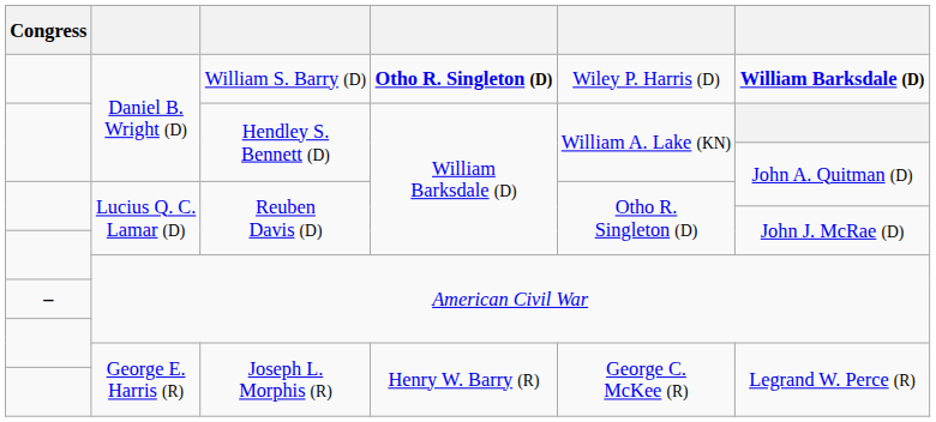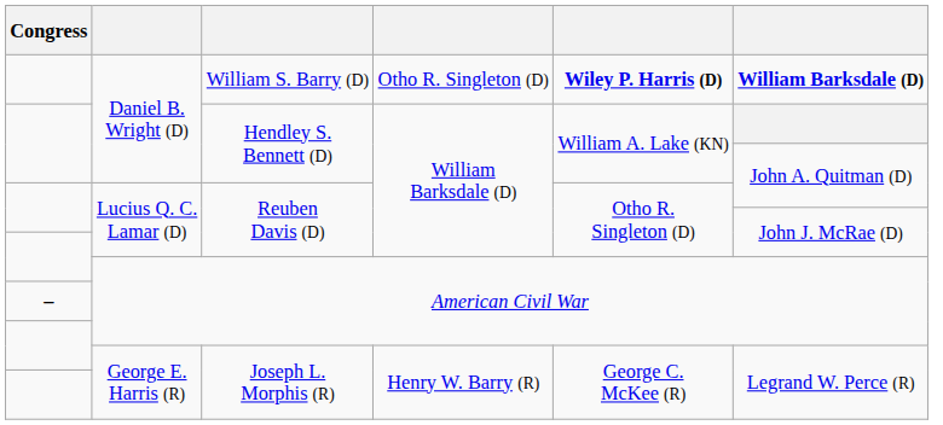 <table class=wikitable style=text-align:center>
 <tr style="height:2.5em">
 <th>Congress</th>
 <th></th>
 <th></th>
 <th></th>
 <th></th>
 <th></th>
 </tr>
 <tr style="height:2.5em">
 <td><strong></strong> </td>
 <td rowspan=3 ><a href='#'>Daniel B.<br>Wright</a> <small>(D)</small></td>
 <td><a href='#'>William S. Barry</a> <small>(D)</small></td>
-<td><strong><a href='#'>Otho R. Singleton</a> <small>(D)</small></strong></td>
-<td><a href='#'>Wiley P. Harris</a> <small>(D)</small></td>
+<td><a href='#'>Otho R. Singleton</a> <small>(D)</small></td>
+<td><strong><a href='#'>Wiley P. Harris</a> <small>(D)</small></strong></td>
 <td><strong><a href='#'>William Barksdale</a> <small>(D)</small></strong></td>
 </tr>
 <tr style="height:2em">
 <td rowspan=2><strong></strong> </td>
 <td rowspan=2 ><a href='#'>Hendley S.<br>Bennett</a> <small>(D)</small></td>
 <td rowspan=5 ><a href='#'>William<br>Barksdale</a> <small>(D)</small></td>
 <td rowspan=2 ><a href='#'>William A. Lake</a> <small>(KN)</small></td>
 <th></th>
 </tr>
 <tr style="height:2em">
 <td rowspan=2 ><a href='#'>John A. Quitman</a> <small>(D)</small></td>
 </tr>
 <tr style="height:1.25em">
 <td rowspan=2><strong></strong> </td>
 <td rowspan=3 ><a href='#'>Lucius Q. C.<br>Lamar</a> <small>(D)</small></td>
 <td rowspan=3 ><a href='#'>Reuben<br>Davis</a> <small>(D)</small></td>
 <td rowspan=3 ><a href='#'>Otho R.<br>Singleton</a> <small>(D)</small></td>
 </tr>
 <tr style="height:1.25em">
 <td rowspan=2 ><a href='#'>John J. McRae</a> <small>(D)</small></td>
 </tr>
 <tr style="height:1.25em">
 <td rowspan=2><strong></strong> </td>
 </tr>
 <tr style="height:1.25em">
 <td rowspan=3 colspan=5><em><a href='#'>American Civil War</a></em></td>
 </tr>
 <tr style="height:2em">
 <td><strong>–</strong><br></td>
 </tr>
 <tr style="height:1.25em">
 <td rowspan=2><strong></strong> </td>
 </tr>
 <tr style="height:1.25em">
 <td rowspan=2 ><a href='#'>George E.<br>Harris</a> <small>(R)</small></td>
 <td rowspan=2 ><a href='#'>Joseph L.<br>Morphis</a> <small>(R)</small></td>
 <td rowspan=2 ><a href='#'>Henry W. Barry</a> <small>(R)</small></td>
 <td rowspan=2 ><a href='#'>George C.<br>McKee</a> <small>(R)</small></td>
 <td rowspan=2 ><a href='#'>Legrand W. Perce</a> <small>(R)</small></td>
 </tr>
 <tr style="height:2.5em">
 <td><strong></strong> </td>
 </tr>
 </table>
